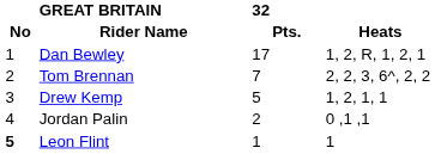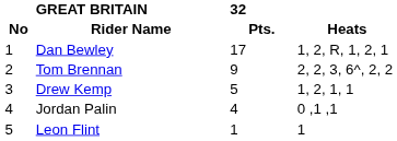 <table class="toccolours">
 <tr>
 <td></td>
 <td><strong>GREAT BRITAIN</strong></td>
 <td><strong>32</strong></td>
 </tr>
 <tr style="background-color:">
 <th width=30px>No</th>
 <th width=210px>Rider Name</th>
 <th width=70px>Pts.</th>
 <th width=110px>Heats</th>
 </tr>
 <tr style="background-color:">
 <td>1</td>
 <td><a href='#'>Dan Bewley</a></td>
 <td>17</td>
 <td>1, 2, R, 1, 2, 1</td>
 </tr>
 <tr style="background-color:">
 <td>2</td>
 <td><a href='#'>Tom Brennan</a></td>
-<td>7</td>
+<td>9</td>
 <td>2, 2, 3, 6^, 2, 2</td>
 </tr>
 <tr style="background-color:">
 <td>3</td>
 <td><a href='#'>Drew Kemp</a></td>
 <td>5</td>
 <td>1, 2, 1, 1</td>
 </tr>
 <tr style="background-color:">
 <td>4</td>
 <td>Jordan Palin</td>
-<td>2</td>
+<td>4</td>
 <td>0 ,1 ,1</td>
 </tr>
 <tr style="background-color:">
-<td><strong>5</strong></td>
+<td>5</td>
 <td><a href='#'>Leon Flint</a></td>
 <td>1</td>
 <td>1</td>
 </tr>
 </table>
